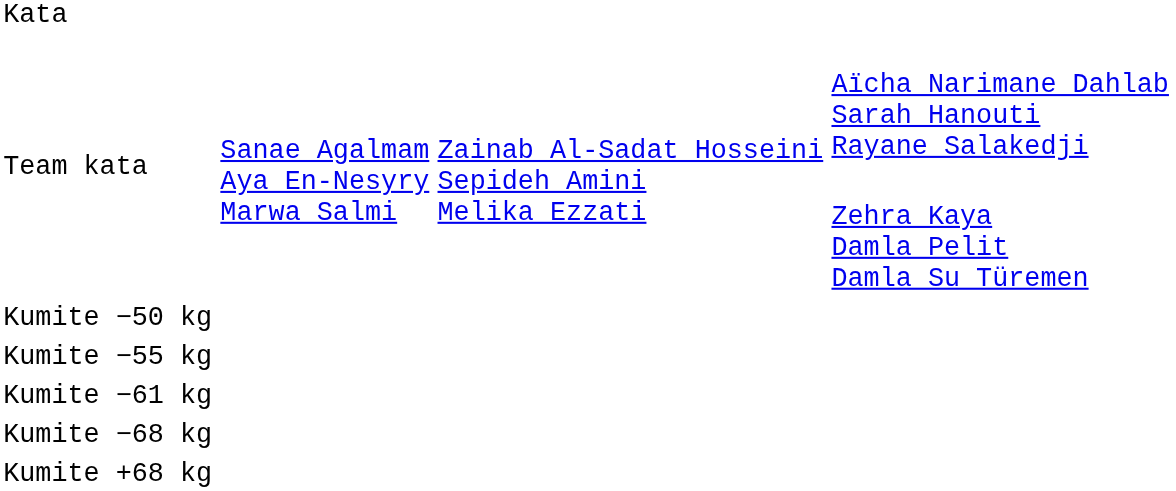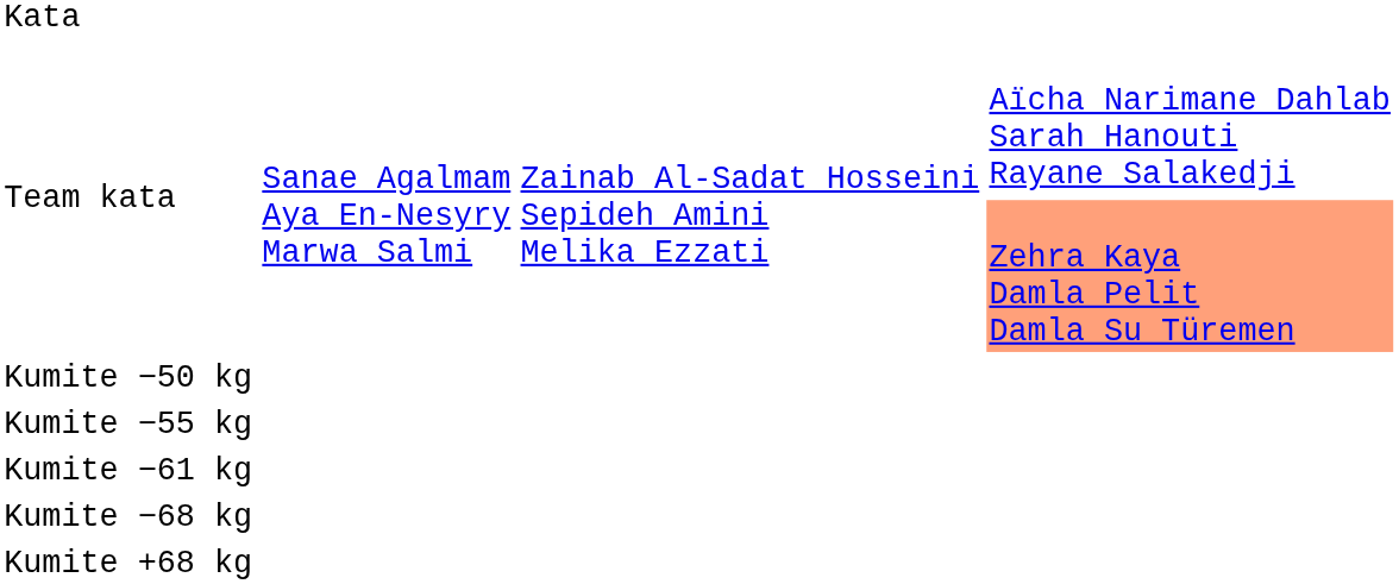 <table>
 <tr>
 </tr>
 <tr>
 <td rowspan=2>Kata</td>
 <td rowspan=2></td>
 <td rowspan=2></td>
 <td></td>
 </tr>
 <tr>
 <td></td>
 </tr>
 <tr>
 <td rowspan=2>Team kata</td>
 <td rowspan=2><br><a href='#'>Sanae Agalmam</a><br><a href='#'>Aya En-Nesyry</a><br><a href='#'>Marwa Salmi</a></td>
 <td rowspan=2><br><a href='#'>Zainab Al-Sadat Hosseini</a><br><a href='#'>Sepideh Amini</a><br><a href='#'>Melika Ezzati</a></td>
 <td><br><a href='#'>Aïcha Narimane Dahlab</a><br><a href='#'>Sarah Hanouti</a><br><a href='#'>Rayane Salakedji</a></td>
 </tr>
 <tr>
-<td><br><a href='#'>Zehra Kaya</a><br><a href='#'>Damla Pelit</a><br><a href='#'>Damla Su Türemen</a></td>
+<td style="background: lightsalmon;"><br><a href='#'>Zehra Kaya</a><br><a href='#'>Damla Pelit</a><br><a href='#'>Damla Su Türemen</a></td>
 </tr>
 <tr>
 <td rowspan=2>Kumite −50 kg</td>
 <td rowspan=2></td>
 <td rowspan=2></td>
 <td></td>
 </tr>
 <tr>
 <td></td>
 </tr>
 <tr>
 <td rowspan=2>Kumite −55 kg</td>
 <td rowspan=2></td>
 <td rowspan=2></td>
 <td></td>
 </tr>
 <tr>
 <td></td>
 </tr>
 <tr>
 <td rowspan=2>Kumite −61 kg</td>
 <td rowspan=2></td>
 <td rowspan=2></td>
 <td></td>
 </tr>
 <tr>
 <td></td>
 </tr>
 <tr>
 <td rowspan=2>Kumite −68 kg</td>
 <td rowspan=2></td>
 <td rowspan=2></td>
 <td></td>
 </tr>
 <tr>
 <td></td>
 </tr>
 <tr>
 <td rowspan=2>Kumite +68 kg</td>
 <td rowspan=2></td>
 <td rowspan=2></td>
 <td></td>
 </tr>
 <tr>
 <td></td>
 </tr>
 </table>
